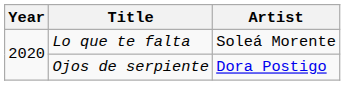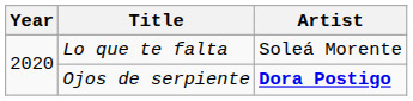 <table class="wikitable sortable">
 <tr>
 <th>Year</th>
 <th>Title</th>
 <th>Artist</th>
 </tr>
 <tr>
 <td rowspan=2>2020</td>
 <td><em>Lo que te falta</em></td>
 <td>Soleá Morente</td>
 </tr>
 <tr>
 <td><em>Ojos de serpiente</em></td>
-<td><a href='#'>Dora Postigo</a></td>
+<td><strong><a href='#'>Dora Postigo</a></strong></td>
 </tr>
 </table>
